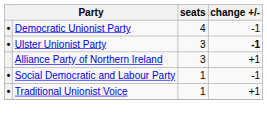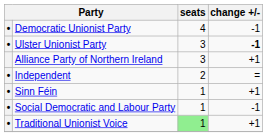 <table class="wikitable" style="font-size: 95%;">
 <tr>
 <th colspan=2>Party</th>
 <th>seats</th>
 <th>change +/-</th>
 </tr>
 <tr>
 <th style="background-color: "><span>•</span></th>
 <td><a href='#'>Democratic Unionist Party</a></td>
 <td align="right">4</td>
 <td align="right">-1</td>
 </tr>
 <tr>
 <th style="background-color: "><span>•</span></th>
 <td><a href='#'>Ulster Unionist Party</a></td>
 <td align="right">3</td>
 <td align="right"><strong>-1</strong></td>
 </tr>
 <tr>
 <th style="background-color: "></th>
 <td><a href='#'>Alliance Party of Northern Ireland</a></td>
 <td align="right">3</td>
 <td align="right">+1</td>
 </tr>
 <tr>
 <th style="background-color: "><span>•</span></th>
+<td><a href='#'>Independent</a></td>
+<td align="right">2</td>
+<td align="right">=</td>
+</tr>
+<tr>
+<th style="background-color: "><span>•</span></th>
+<td><a href='#'>Sinn Féin</a></td>
+<td align="right">1</td>
+<td align="right">+1</td>
+</tr>
+<tr>
+<th style="background-color: "><span>•</span></th>
 <td><a href='#'>Social Democratic and Labour Party</a></td>
 <td align="right">1</td>
 <td align="right">-1</td>
 </tr>
 <tr>
 <th style="background-color: "><span>•</span></th>
 <td><a href='#'>Traditional Unionist Voice</a></td>
-<td align="right">1</td>
+<td align="right" style="background: lightgreen;">1</td>
 <td align="right">+1</td>
 </tr>
 <tr>
 </tr>
 </table>
